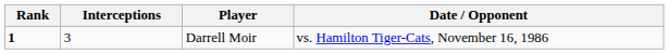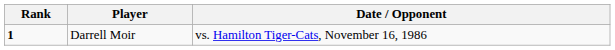 <table class="wikitable" style="width:60%;">
 <tr>
 <th>Rank</th>
-<th>Interceptions</th>
 <th>Player</th>
 <th>Date / Opponent</th>
 </tr>
 <tr>
 <td><strong>1</strong></td>
-<td>3</td>
 <td>Darrell Moir</td>
 <td>vs. <a href='#'>Hamilton Tiger-Cats</a>, November 16, 1986</td>
 </tr>
 </table>
